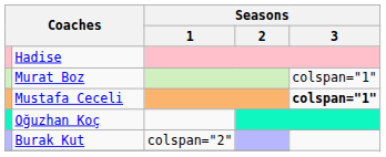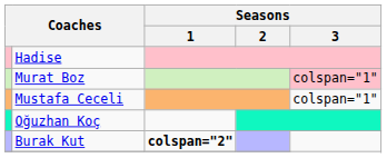 <table class="wikitable" width:"80%">
 <tr>
 <th colspan="2" rowspan="2" width="135">Coaches</th>
 <th colspan="3" style="text-align:center">Seasons</th>
 </tr>
 <tr>
 <th width="48">1</th>
 <th width="48">2</th>
 <th width="48">3</th>
 </tr>
 <tr>
 <td style="background:pink"></td>
 <td><a href='#'>Hadise</a></td>
 <td colspan="3" style="background:pink"></td>
 </tr>
 <tr>
 <td style="background:#d0f0c0"></td>
 <td><a href='#'>Murat Boz</a></td>
 <td colspan="2" style="background:#d0f0c0"></td>
-<td>colspan="1" </td>
+<td style="background: pink;">colspan="1" </td>
 </tr>
 <tr>
 <td style="background:#fbb46e"></td>
 <td><a href='#'>Mustafa Ceceli</a></td>
 <td colspan="2" style="background:#fbb46e"></td>
-<td><strong>colspan="1" </strong></td>
+<td>colspan="1" </td>
 </tr>
 <tr>
 <td style="background:#0ff7c0"></td>
 <td><a href='#'>Oğuzhan Koç</a></td>
 <td></td>
 <td colspan="2" style="background:#0ff7c0"></td>
 </tr>
 <tr>
 <td style="background:#b7b7ff"></td>
 <td><a href='#'>Burak Kut</a></td>
-<td>colspan="2" </td>
+<td><strong>colspan="2" </strong></td>
 <td colspan="1" style="background:#b7b7ff"></td>
 </tr>
 <tr>
 </tr>
 </table>
